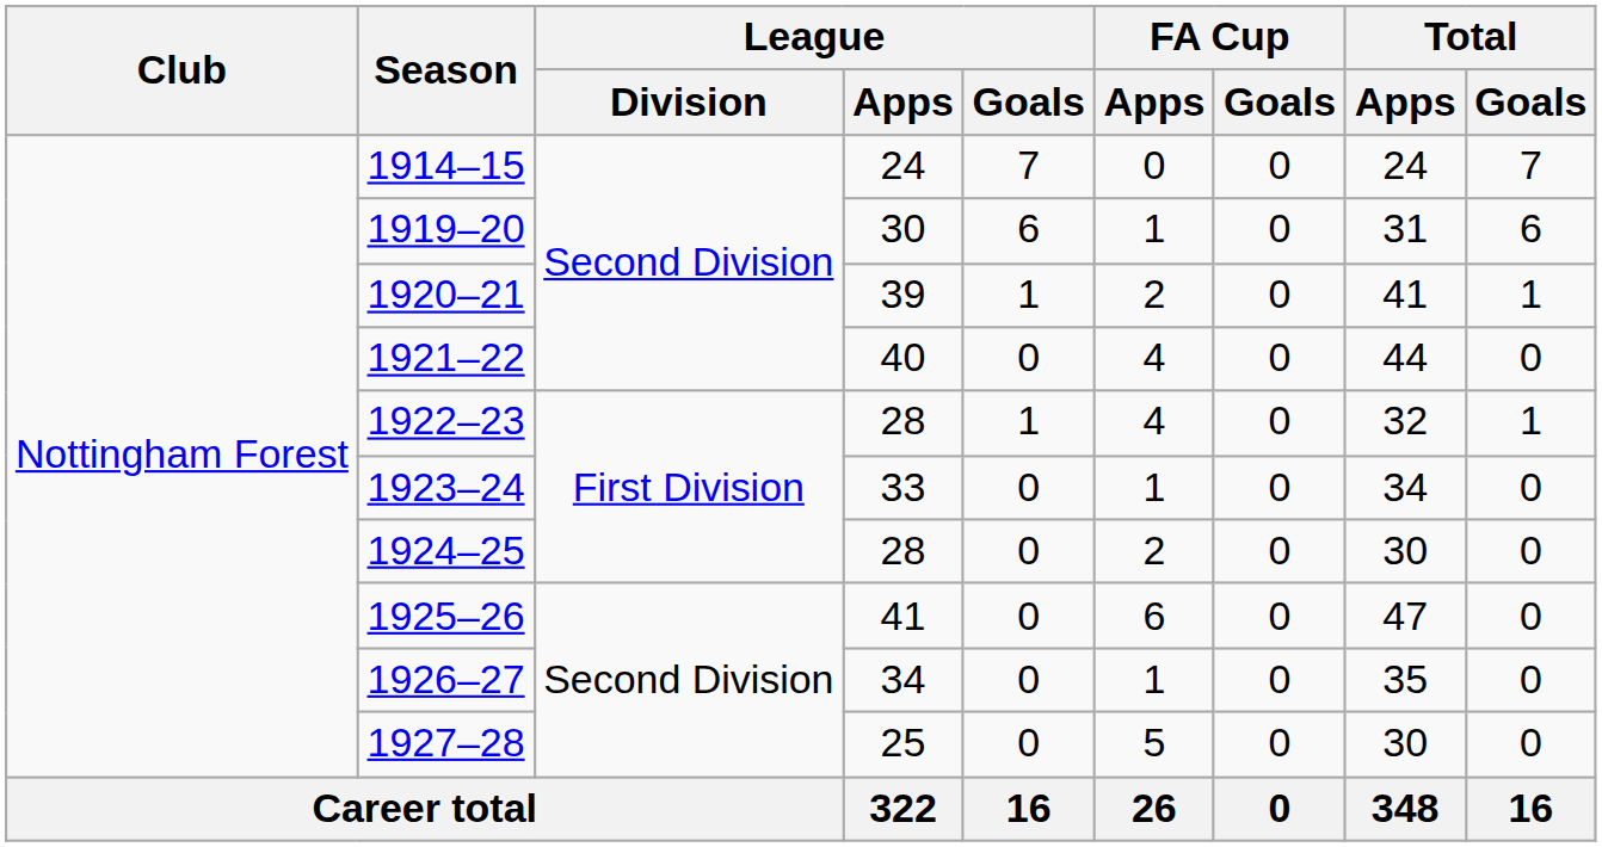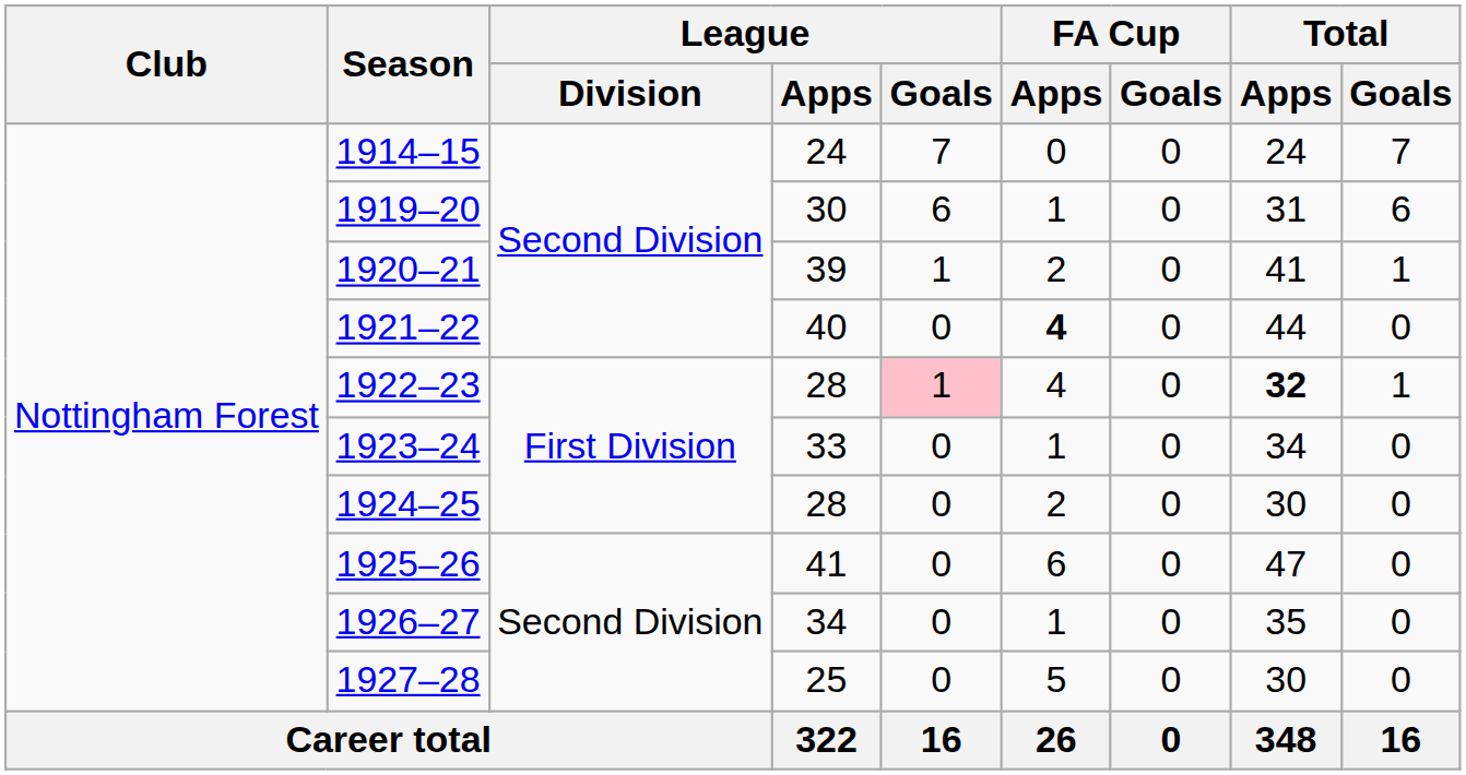 <table class="wikitable" style="text-align: center">
 <tr>
 <th rowspan="2">Club</th>
 <th rowspan="2">Season</th>
 <th colspan="3">League</th>
 <th colspan="2">FA Cup</th>
 <th colspan="2">Total</th>
 </tr>
 <tr>
 <th>Division</th>
 <th>Apps</th>
 <th>Goals</th>
 <th>Apps</th>
 <th>Goals</th>
 <th>Apps</th>
 <th>Goals</th>
 </tr>
 <tr>
 <td rowspan="10"><a href='#'>Nottingham Forest</a></td>
 <td><a href='#'>1914–15</a></td>
 <td rowspan="4"><a href='#'>Second Division</a></td>
 <td>24</td>
 <td>7</td>
 <td>0</td>
 <td>0</td>
 <td>24</td>
 <td>7</td>
 </tr>
 <tr>
 <td><a href='#'>1919–20</a></td>
 <td>30</td>
 <td>6</td>
 <td>1</td>
 <td>0</td>
 <td>31</td>
 <td>6</td>
 </tr>
 <tr>
 <td><a href='#'>1920–21</a></td>
 <td>39</td>
 <td>1</td>
 <td>2</td>
 <td>0</td>
 <td>41</td>
 <td>1</td>
 </tr>
 <tr>
 <td><a href='#'>1921–22</a></td>
 <td>40</td>
 <td>0</td>
-<td>4</td>
+<td><strong>4</strong></td>
 <td>0</td>
 <td>44</td>
 <td>0</td>
 </tr>
 <tr>
 <td><a href='#'>1922–23</a></td>
 <td rowspan="3"><a href='#'>First Division</a></td>
 <td>28</td>
-<td>1</td>
+<td style="background: pink;">1</td>
 <td>4</td>
 <td>0</td>
-<td>32</td>
+<td><strong>32</strong></td>
 <td>1</td>
 </tr>
 <tr>
 <td><a href='#'>1923–24</a></td>
 <td>33</td>
 <td>0</td>
 <td>1</td>
 <td>0</td>
 <td>34</td>
 <td>0</td>
 </tr>
 <tr>
 <td><a href='#'>1924–25</a></td>
 <td>28</td>
 <td>0</td>
 <td>2</td>
 <td>0</td>
 <td>30</td>
 <td>0</td>
 </tr>
 <tr>
 <td><a href='#'>1925–26</a></td>
 <td rowspan="3">Second Division</td>
 <td>41</td>
 <td>0</td>
 <td>6</td>
 <td>0</td>
 <td>47</td>
 <td>0</td>
 </tr>
 <tr>
 <td><a href='#'>1926–27</a></td>
 <td>34</td>
 <td>0</td>
 <td>1</td>
 <td>0</td>
 <td>35</td>
 <td>0</td>
 </tr>
 <tr>
 <td><a href='#'>1927–28</a></td>
 <td>25</td>
 <td>0</td>
 <td>5</td>
 <td>0</td>
 <td>30</td>
 <td>0</td>
 </tr>
 <tr>
 <th colspan="3">Career total</th>
 <th>322</th>
 <th>16</th>
 <th>26</th>
 <th>0</th>
 <th>348</th>
 <th>16</th>
 </tr>
 </table>
